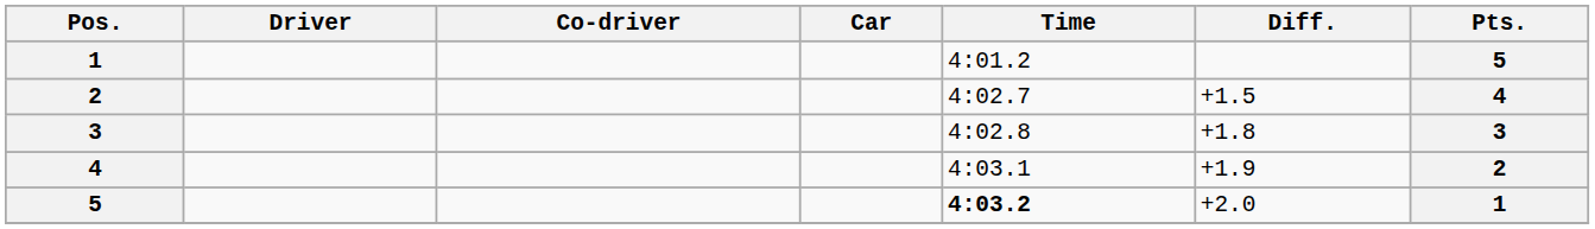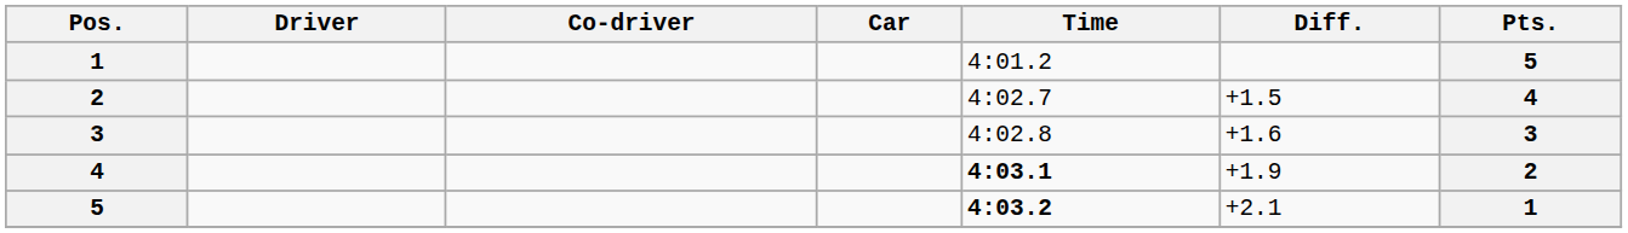 <table class="wikitable" width=60% style="font-size: 85%;">
 <tr>
 <th>Pos.</th>
 <th>Driver</th>
 <th>Co-driver</th>
 <th>Car</th>
 <th>Time</th>
 <th>Diff.</th>
 <th>Pts.</th>
 </tr>
 <tr>
 <th>1</th>
 <td></td>
 <td></td>
 <td></td>
 <td>4:01.2</td>
 <td></td>
 <th>5</th>
 </tr>
 <tr>
 <th>2</th>
 <td></td>
 <td></td>
 <td></td>
 <td>4:02.7</td>
 <td>+1.5</td>
 <th>4</th>
 </tr>
 <tr>
 <th>3</th>
 <td></td>
 <td></td>
 <td></td>
 <td>4:02.8</td>
-<td>+1.8</td>
+<td>+1.6</td>
 <th>3</th>
 </tr>
 <tr>
 <th>4</th>
 <td></td>
 <td></td>
 <td></td>
-<td>4:03.1</td>
+<td><strong>4:03.1</strong></td>
 <td>+1.9</td>
 <th>2</th>
 </tr>
 <tr>
 <th>5</th>
 <td></td>
 <td></td>
 <td></td>
 <td><strong>4:03.2</strong></td>
-<td>+2.0</td>
+<td>+2.1</td>
 <th>1</th>
 </tr>
 <tr>
 </tr>
 </table>
